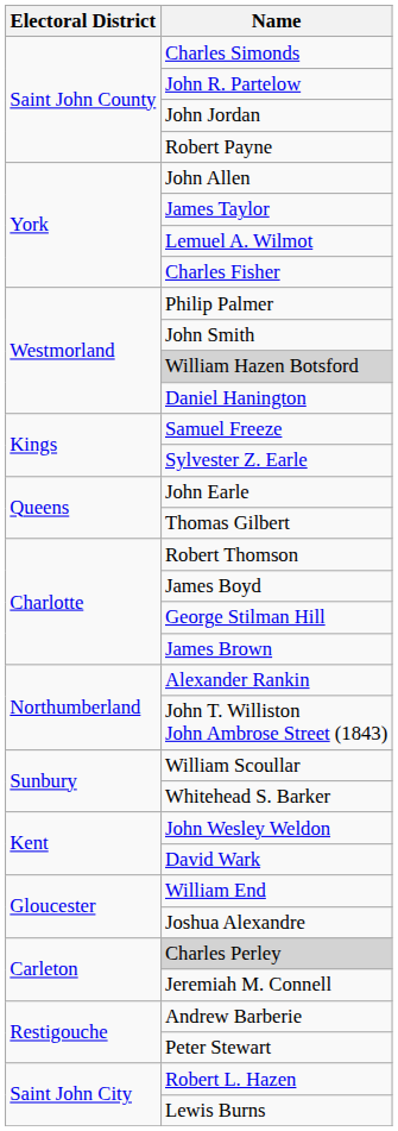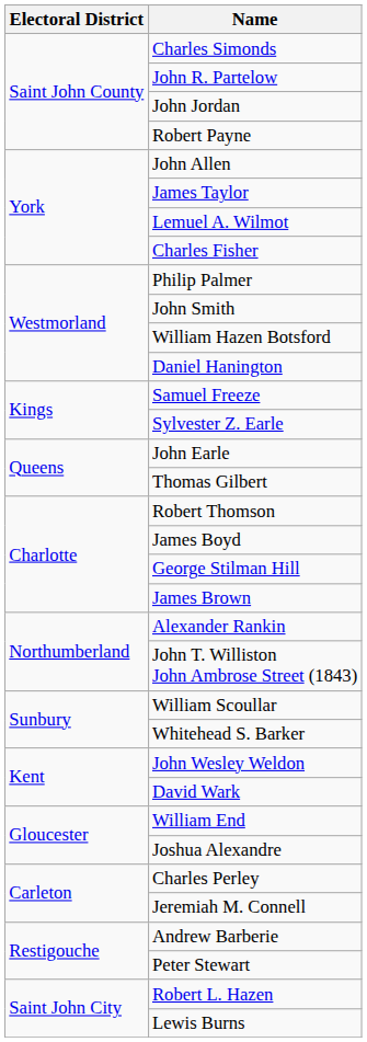 <table class="wikitable">
 <tr>
 <th>Electoral District</th>
 <th>Name</th>
 </tr>
 <tr>
 <td rowspan="4"><a href='#'>Saint John County</a></td>
 <td><a href='#'>Charles Simonds</a></td>
 </tr>
 <tr>
 <td><a href='#'>John R. Partelow</a></td>
 </tr>
 <tr>
 <td>John Jordan</td>
 </tr>
 <tr>
 <td>Robert Payne</td>
 </tr>
 <tr>
 <td rowspan="4"><a href='#'>York</a></td>
 <td>John Allen</td>
 </tr>
 <tr>
 <td><a href='#'>James Taylor</a></td>
 </tr>
 <tr>
 <td><a href='#'>Lemuel A. Wilmot</a></td>
 </tr>
 <tr>
 <td><a href='#'>Charles Fisher</a></td>
 </tr>
 <tr>
 <td rowspan="4"><a href='#'>Westmorland</a></td>
 <td>Philip Palmer</td>
 </tr>
 <tr>
 <td>John Smith</td>
 </tr>
 <tr>
-<td style="background: lightgrey;">William Hazen Botsford</td>
+<td>William Hazen Botsford</td>
 </tr>
 <tr>
 <td><a href='#'>Daniel Hanington</a></td>
 </tr>
 <tr>
 <td rowspan="2"><a href='#'>Kings</a></td>
 <td><a href='#'>Samuel Freeze</a></td>
 </tr>
 <tr>
 <td><a href='#'>Sylvester Z. Earle</a></td>
 </tr>
 <tr>
 <td rowspan="2"><a href='#'>Queens</a></td>
 <td>John Earle</td>
 </tr>
 <tr>
 <td>Thomas Gilbert</td>
 </tr>
 <tr>
 <td rowspan="4"><a href='#'>Charlotte</a></td>
 <td>Robert Thomson</td>
 </tr>
 <tr>
 <td>James Boyd</td>
 </tr>
 <tr>
 <td><a href='#'>George Stilman Hill</a></td>
 </tr>
 <tr>
 <td><a href='#'>James Brown</a></td>
 </tr>
 <tr>
 <td rowspan="2"><a href='#'>Northumberland</a></td>
 <td><a href='#'>Alexander Rankin</a></td>
 </tr>
 <tr>
 <td>John T. Williston<br><a href='#'>John Ambrose Street</a> (1843)</td>
 </tr>
 <tr>
 <td rowspan="2"><a href='#'>Sunbury</a></td>
 <td>William Scoullar</td>
 </tr>
 <tr>
 <td>Whitehead S. Barker</td>
 </tr>
 <tr>
 <td rowspan="2"><a href='#'>Kent</a></td>
 <td><a href='#'>John Wesley Weldon</a></td>
 </tr>
 <tr>
 <td><a href='#'>David Wark</a></td>
 </tr>
 <tr>
 <td rowspan="2"><a href='#'>Gloucester</a></td>
 <td><a href='#'>William End</a></td>
 </tr>
 <tr>
 <td>Joshua Alexandre</td>
 </tr>
 <tr>
 <td rowspan="2"><a href='#'>Carleton</a></td>
-<td style="background: lightgrey;">Charles Perley</td>
+<td>Charles Perley</td>
 </tr>
 <tr>
 <td>Jeremiah M. Connell</td>
 </tr>
 <tr>
 <td rowspan="2"><a href='#'>Restigouche</a></td>
 <td>Andrew Barberie</td>
 </tr>
 <tr>
 <td>Peter Stewart</td>
 </tr>
 <tr>
 <td rowspan="2"><a href='#'>Saint John City</a></td>
 <td><a href='#'>Robert L. Hazen</a></td>
 </tr>
 <tr>
 <td>Lewis Burns</td>
 </tr>
 </table>
